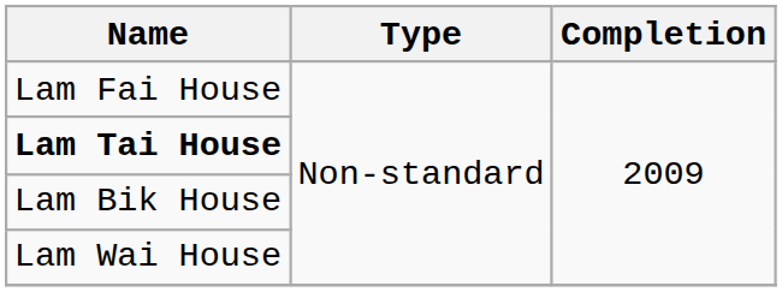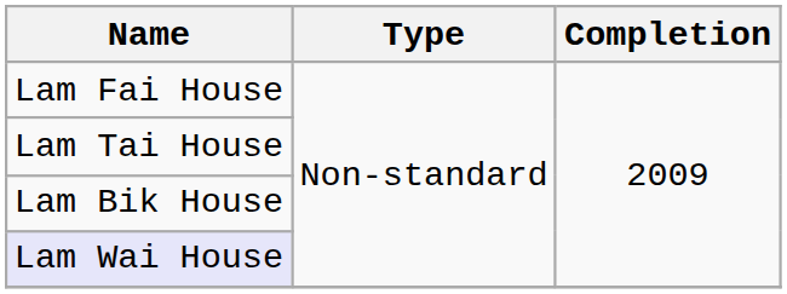 <table class="wikitable" style="text-align: center">
 <tr>
 <th>Name</th>
 <th>Type</th>
 <th>Completion</th>
 </tr>
 <tr>
 <td>Lam Fai House</td>
 <td rowspan="4">Non-standard</td>
 <td rowspan="4">2009</td>
 </tr>
 <tr>
-<td><strong>Lam Tai House</strong></td>
+<td>Lam Tai House</td>
 </tr>
 <tr>
 <td>Lam Bik House</td>
 </tr>
 <tr>
-<td>Lam Wai House</td>
+<td style="background: lavender;">Lam Wai House</td>
 </tr>
 <tr>
 </tr>
 </table>
